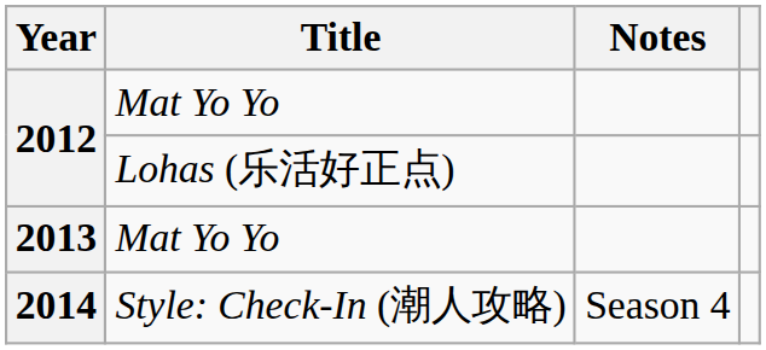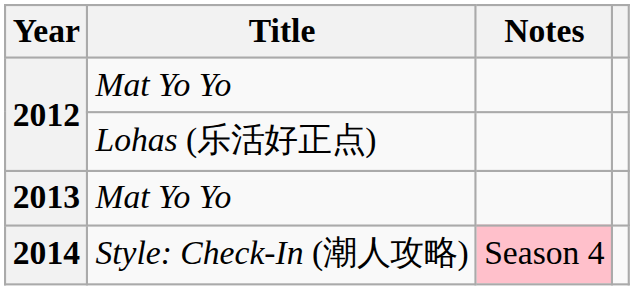 <table class="wikitable sortable plainrowheaders">
 <tr>
 <th scope="col">Year</th>
 <th scope="col">Title</th>
 <th scope="col" class="unsortable">Notes</th>
 <th scope="col" class="unsortable"></th>
 </tr>
 <tr>
 <th scope="row" rowspan="2">2012</th>
 <td><em>Mat Yo Yo</em></td>
 <td></td>
 <td></td>
 </tr>
 <tr>
 <td><em>Lohas</em> (乐活好正点)</td>
 <td></td>
 <td></td>
 </tr>
 <tr>
 <th scope="row" rowspan="1">2013</th>
 <td><em>Mat Yo Yo</em></td>
 <td></td>
 <td></td>
 </tr>
 <tr>
 <th scope="row" rowspan="1">2014</th>
 <td><em>Style: Check-In</em> (潮人攻略)</td>
-<td>Season 4</td>
+<td style="background: pink;">Season 4</td>
 <td></td>
 </tr>
 </table>
